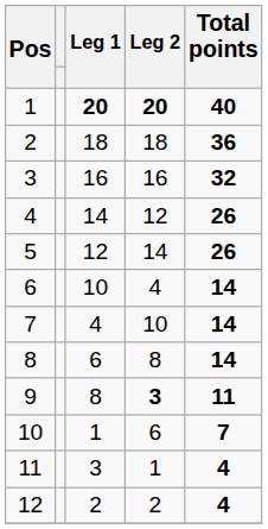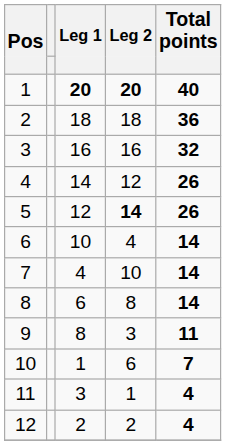 <table class="wikitable sortable" style="text-align:center;">
 <tr style="font-size:85%;vertical-align:top;">
 <th style="border-bottom:1px solid transparent;padding:2px;font-size:120%;"><br>Pos</th>
 <th></th>
 <th style="border-bottom:1px solid transparent;;"><br>Leg 1</th>
 <th style="border-bottom:1px solid transparent;;"><br>Leg 2</th>
 <th style="border-bottom:1px solid transparent;padding:2px;font-size:120%;">Total<br>points</th>
 </tr>
 <tr style="line-height:8px;">
 <th data-sort-type="number" max-width=4em></th>
 <th data-sort-type="text" max-width=12em></th>
 <th data-sort-type="number" max-width=8em></th>
 <th data-sort-type="number" max-width=8em></th>
 <th data-sort-type="number" max-width=5em> </th>
 </tr>
 <tr>
 <td>1</td>
 <td align=left></td>
 <td><strong>20</strong></td>
 <td><strong>20</strong></td>
 <td><strong>40</strong></td>
 </tr>
 <tr>
 <td>2</td>
 <td align=left></td>
 <td>18</td>
 <td>18</td>
 <td><strong>36</strong></td>
 </tr>
 <tr>
 <td>3</td>
 <td align=left></td>
 <td>16</td>
 <td>16</td>
 <td><strong>32</strong></td>
 </tr>
 <tr>
 <td>4</td>
 <td align=left></td>
 <td>14</td>
 <td>12</td>
 <td><strong>26</strong></td>
 </tr>
 <tr>
 <td>5</td>
 <td align=left></td>
 <td>12</td>
-<td>14</td>
+<td><strong>14</strong></td>
 <td><strong>26</strong></td>
 </tr>
 <tr>
 <td>6</td>
 <td align=left></td>
 <td>10</td>
 <td>4</td>
 <td><strong>14</strong></td>
 </tr>
 <tr>
 <td>7</td>
 <td align=left></td>
 <td>4</td>
 <td>10</td>
 <td><strong>14</strong></td>
 </tr>
 <tr>
 <td>8</td>
 <td align=left></td>
 <td>6</td>
 <td>8</td>
 <td><strong>14</strong></td>
 </tr>
 <tr>
 <td>9</td>
 <td align=left></td>
 <td>8</td>
-<td><strong>3</strong></td>
+<td>3</td>
 <td><strong>11</strong></td>
 </tr>
 <tr>
 <td>10</td>
 <td align=left></td>
 <td>1</td>
 <td>6</td>
 <td><strong>7</strong></td>
 </tr>
 <tr>
 <td>11</td>
 <td align=left></td>
 <td>3</td>
 <td>1</td>
 <td><strong>4</strong></td>
 </tr>
 <tr>
 <td>12</td>
 <td align=left></td>
 <td>2</td>
 <td>2</td>
 <td><strong>4</strong></td>
 </tr>
 <tr>
 </tr>
 </table>
